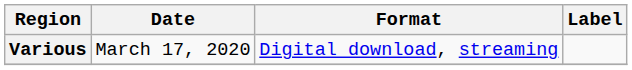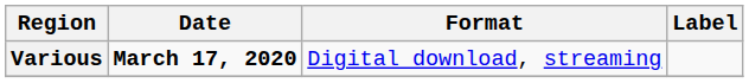 <table class="wikitable plainrowheaders">
 <tr>
 <th>Region</th>
 <th>Date</th>
 <th>Format</th>
 <th>Label</th>
 </tr>
 <tr>
 <th scope="row">Various</th>
-<td>March 17, 2020</td>
+<td><strong>March 17, 2020</strong></td>
 <td><a href='#'>Digital download</a>, <a href='#'>streaming</a></td>
 <td></td>
 </tr>
 <tr>
 </tr>
 </table>
